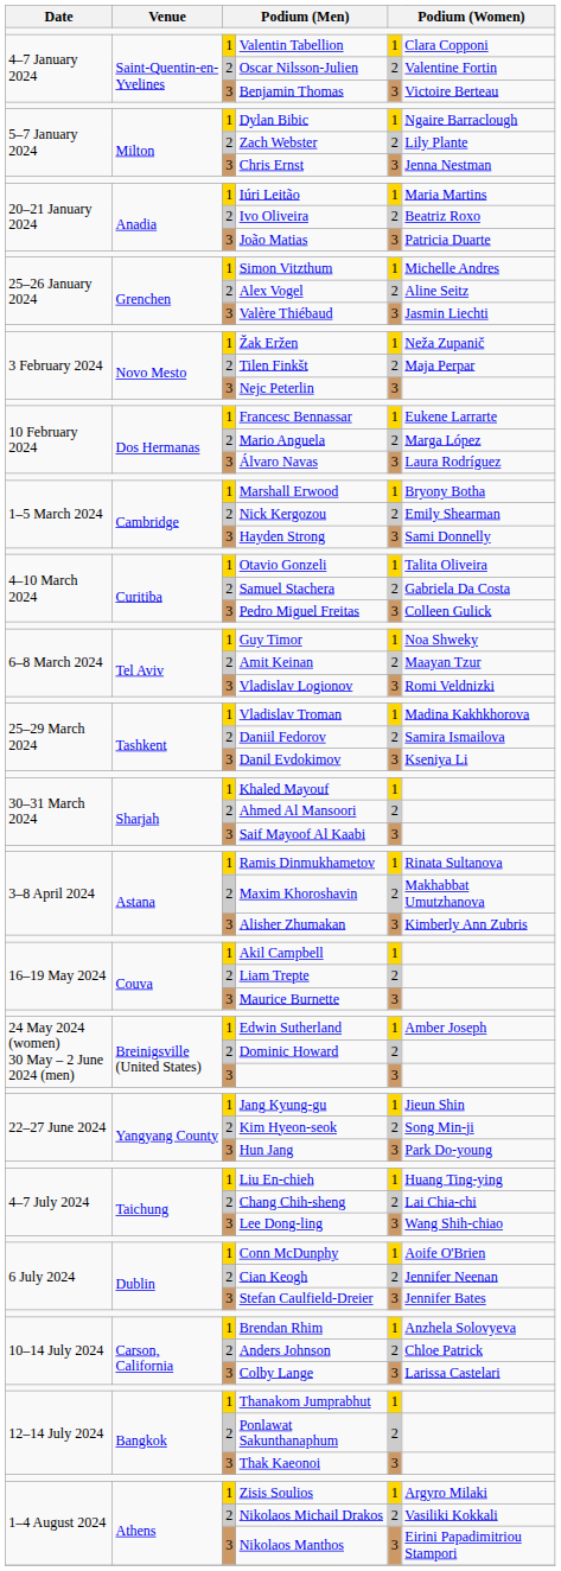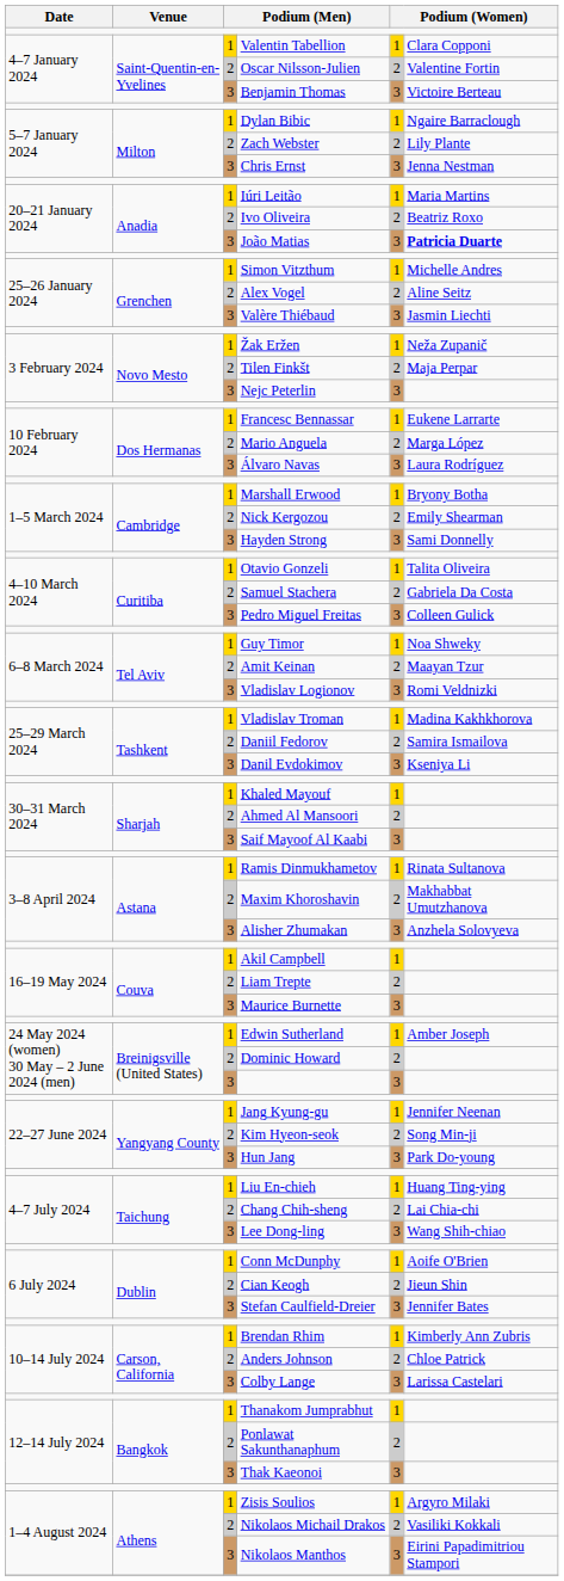 <table class="wikitable" width=70%>
 <tr>
 <th>Date</th>
 <th width=20%>Venue</th>
 <th colspan=2 width=30%>Podium (Men)</th>
 <th colspan=2 width=30%>Podium (Women)</th>
 </tr>
 <tr>
 <td colspan=6></td>
 </tr>
 <tr>
 <td rowspan=3>4–7 January 2024</td>
 <td rowspan=3><br><a href='#'>Saint-Quentin-en-Yvelines</a></td>
 <td bgcolor=FFD700>1</td>
 <td><a href='#'>Valentin Tabellion</a></td>
 <td bgcolor=FFD700>1</td>
 <td><a href='#'>Clara Copponi</a></td>
 </tr>
 <tr>
 <td bgcolor=CCCCCC>2</td>
 <td><a href='#'>Oscar Nilsson-Julien</a></td>
 <td bgcolor=CCCCCC>2</td>
 <td><a href='#'>Valentine Fortin</a></td>
 </tr>
 <tr>
 <td bgcolor=CC9966>3</td>
 <td><a href='#'>Benjamin Thomas</a></td>
 <td bgcolor=CC9966>3</td>
 <td><a href='#'>Victoire Berteau</a></td>
 </tr>
 <tr>
 <td colspan=6></td>
 </tr>
 <tr>
 <td rowspan=3>5–7 January 2024</td>
 <td rowspan=3><br><a href='#'>Milton</a></td>
 <td bgcolor=FFD700>1</td>
 <td><a href='#'>Dylan Bibic</a></td>
 <td bgcolor=FFD700>1</td>
 <td><a href='#'>Ngaire Barraclough</a></td>
 </tr>
 <tr>
 <td bgcolor=CCCCCC>2</td>
 <td><a href='#'>Zach Webster</a></td>
 <td bgcolor=CCCCCC>2</td>
 <td><a href='#'>Lily Plante</a></td>
 </tr>
 <tr>
 <td bgcolor=CC9966>3</td>
 <td><a href='#'>Chris Ernst</a></td>
 <td bgcolor=CC9966>3</td>
 <td><a href='#'>Jenna Nestman</a></td>
 </tr>
 <tr>
 <td colspan=6></td>
 </tr>
 <tr>
 <td rowspan=3>20–21 January 2024</td>
 <td rowspan=3><br><a href='#'>Anadia</a></td>
 <td bgcolor=FFD700>1</td>
 <td><a href='#'>Iúri Leitão</a></td>
 <td bgcolor=FFD700>1</td>
 <td><a href='#'>Maria Martins</a></td>
 </tr>
 <tr>
 <td bgcolor=CCCCCC>2</td>
 <td><a href='#'>Ivo Oliveira</a></td>
 <td bgcolor=CCCCCC>2</td>
 <td><a href='#'>Beatriz Roxo</a></td>
 </tr>
 <tr>
 <td bgcolor=CC9966>3</td>
 <td><a href='#'>João Matias</a></td>
 <td bgcolor=CC9966>3</td>
-<td><a href='#'>Patricia Duarte</a></td>
+<td><strong><a href='#'>Patricia Duarte</a></strong></td>
 </tr>
 <tr>
 <td colspan=6></td>
 </tr>
 <tr>
 <td rowspan=3>25–26 January 2024</td>
 <td rowspan=3><br><a href='#'>Grenchen</a></td>
 <td bgcolor=FFD700>1</td>
 <td><a href='#'>Simon Vitzthum</a></td>
 <td bgcolor=FFD700>1</td>
 <td><a href='#'>Michelle Andres</a></td>
 </tr>
 <tr>
 <td bgcolor=CCCCCC>2</td>
 <td><a href='#'>Alex Vogel</a></td>
 <td bgcolor=CCCCCC>2</td>
 <td><a href='#'>Aline Seitz</a></td>
 </tr>
 <tr>
 <td bgcolor=CC9966>3</td>
 <td><a href='#'>Valère Thiébaud</a></td>
 <td bgcolor=CC9966>3</td>
 <td><a href='#'>Jasmin Liechti</a></td>
 </tr>
 <tr>
 <td colspan=6></td>
 </tr>
 <tr>
 <td rowspan=3>3 February 2024</td>
 <td rowspan=3><br><a href='#'>Novo Mesto</a></td>
 <td bgcolor=FFD700>1</td>
 <td><a href='#'>Žak Eržen</a></td>
 <td bgcolor=FFD700>1</td>
 <td><a href='#'>Neža Zupanič</a></td>
 </tr>
 <tr>
 <td bgcolor=CCCCCC>2</td>
 <td><a href='#'>Tilen Finkšt</a></td>
 <td bgcolor=CCCCCC>2</td>
 <td><a href='#'>Maja Perpar</a></td>
 </tr>
 <tr>
 <td bgcolor=CC9966>3</td>
 <td><a href='#'>Nejc Peterlin</a></td>
 <td bgcolor=CC9966>3</td>
 <td></td>
 </tr>
 <tr>
 <td colspan=6></td>
 </tr>
 <tr>
 <td rowspan=3>10 February 2024</td>
 <td rowspan=3><br><a href='#'>Dos Hermanas</a></td>
 <td bgcolor=FFD700>1</td>
 <td><a href='#'>Francesc Bennassar</a></td>
 <td bgcolor=FFD700>1</td>
 <td><a href='#'>Eukene Larrarte</a></td>
 </tr>
 <tr>
 <td bgcolor=CCCCCC>2</td>
 <td><a href='#'>Mario Anguela</a></td>
 <td bgcolor=CCCCCC>2</td>
 <td><a href='#'>Marga López</a></td>
 </tr>
 <tr>
 <td bgcolor=CC9966>3</td>
 <td><a href='#'>Álvaro Navas</a></td>
 <td bgcolor=CC9966>3</td>
 <td><a href='#'>Laura Rodríguez</a></td>
 </tr>
 <tr>
 <td colspan=6></td>
 </tr>
 <tr>
 <td rowspan=3>1–5 March 2024</td>
 <td rowspan=3><br><a href='#'>Cambridge</a></td>
 <td bgcolor=FFD700>1</td>
 <td><a href='#'>Marshall Erwood</a></td>
 <td bgcolor=FFD700>1</td>
 <td><a href='#'>Bryony Botha</a></td>
 </tr>
 <tr>
 <td bgcolor=CCCCCC>2</td>
 <td><a href='#'>Nick Kergozou</a></td>
 <td bgcolor=CCCCCC>2</td>
 <td><a href='#'>Emily Shearman</a></td>
 </tr>
 <tr>
 <td bgcolor=CC9966>3</td>
 <td><a href='#'>Hayden Strong</a></td>
 <td bgcolor=CC9966>3</td>
 <td><a href='#'>Sami Donnelly</a></td>
 </tr>
 <tr>
 <td colspan=6></td>
 </tr>
 <tr>
 <td rowspan=3>4–10 March 2024</td>
 <td rowspan=3><br><a href='#'>Curitiba</a></td>
 <td bgcolor=FFD700>1</td>
 <td><a href='#'>Otavio Gonzeli</a></td>
 <td bgcolor=FFD700>1</td>
 <td><a href='#'>Talita Oliveira</a></td>
 </tr>
 <tr>
 <td bgcolor=CCCCCC>2</td>
 <td><a href='#'>Samuel Stachera</a></td>
 <td bgcolor=CCCCCC>2</td>
 <td><a href='#'>Gabriela Da Costa</a></td>
 </tr>
 <tr>
 <td bgcolor=CC9966>3</td>
 <td><a href='#'>Pedro Miguel Freitas</a></td>
 <td bgcolor=CC9966>3</td>
 <td><a href='#'>Colleen Gulick</a></td>
 </tr>
 <tr>
 <td colspan=6></td>
 </tr>
 <tr>
 <td rowspan=3>6–8 March 2024</td>
 <td rowspan=3><br><a href='#'>Tel Aviv</a></td>
 <td bgcolor=FFD700>1</td>
 <td><a href='#'>Guy Timor</a></td>
 <td bgcolor=FFD700>1</td>
 <td><a href='#'>Noa Shweky</a></td>
 </tr>
 <tr>
 <td bgcolor=CCCCCC>2</td>
 <td><a href='#'>Amit Keinan</a></td>
 <td bgcolor=CCCCCC>2</td>
 <td><a href='#'>Maayan Tzur</a></td>
 </tr>
 <tr>
 <td bgcolor=CC9966>3</td>
 <td><a href='#'>Vladislav Logionov</a></td>
 <td bgcolor=CC9966>3</td>
 <td><a href='#'>Romi Veldnizki</a></td>
 </tr>
 <tr>
 <td colspan=6></td>
 </tr>
 <tr>
 <td rowspan=3>25–29 March 2024</td>
 <td rowspan=3><br><a href='#'>Tashkent</a></td>
 <td bgcolor=FFD700>1</td>
 <td><a href='#'>Vladislav Troman</a></td>
 <td bgcolor=FFD700>1</td>
 <td><a href='#'>Madina Kakhkhorova</a></td>
 </tr>
 <tr>
 <td bgcolor=CCCCCC>2</td>
 <td><a href='#'>Daniil Fedorov</a></td>
 <td bgcolor=CCCCCC>2</td>
 <td><a href='#'>Samira Ismailova</a></td>
 </tr>
 <tr>
 <td bgcolor=CC9966>3</td>
 <td><a href='#'>Danil Evdokimov</a></td>
 <td bgcolor=CC9966>3</td>
 <td><a href='#'>Kseniya Li</a></td>
 </tr>
 <tr>
 <td colspan=6></td>
 </tr>
 <tr>
 <td rowspan=3>30–31 March 2024</td>
 <td rowspan=3><br><a href='#'>Sharjah</a></td>
 <td bgcolor=FFD700>1</td>
 <td><a href='#'>Khaled Mayouf</a></td>
 <td bgcolor=FFD700>1</td>
 <td></td>
 </tr>
 <tr>
 <td bgcolor=CCCCCC>2</td>
 <td><a href='#'>Ahmed Al Mansoori</a></td>
 <td bgcolor=CCCCCC>2</td>
 <td></td>
 </tr>
 <tr>
 <td bgcolor=CC9966>3</td>
 <td><a href='#'>Saif Mayoof Al Kaabi</a></td>
 <td bgcolor=CC9966>3</td>
 <td></td>
 </tr>
 <tr>
 <td colspan=6></td>
 </tr>
 <tr>
 <td rowspan=3>3–8 April 2024</td>
 <td rowspan=3><br><a href='#'>Astana</a></td>
 <td bgcolor=FFD700>1</td>
 <td><a href='#'>Ramis Dinmukhametov</a></td>
 <td bgcolor=FFD700>1</td>
 <td><a href='#'>Rinata Sultanova</a></td>
 </tr>
 <tr>
 <td bgcolor=CCCCCC>2</td>
 <td><a href='#'>Maxim Khoroshavin</a></td>
 <td bgcolor=CCCCCC>2</td>
 <td><a href='#'>Makhabbat Umutzhanova</a></td>
 </tr>
 <tr>
 <td bgcolor=CC9966>3</td>
 <td><a href='#'>Alisher Zhumakan</a></td>
 <td bgcolor=CC9966>3</td>
-<td><a href='#'>Kimberly Ann Zubris</a></td>
+<td><a href='#'>Anzhela Solovyeva</a></td>
 </tr>
 <tr>
 <td colspan=6></td>
 </tr>
 <tr>
 <td rowspan=3>16–19 May 2024</td>
 <td rowspan=3><br><a href='#'>Couva</a></td>
 <td bgcolor=FFD700>1</td>
 <td><a href='#'>Akil Campbell</a></td>
 <td bgcolor=FFD700>1</td>
 <td></td>
 </tr>
 <tr>
 <td bgcolor=CCCCCC>2</td>
 <td><a href='#'>Liam Trepte</a></td>
 <td bgcolor=CCCCCC>2</td>
 <td></td>
 </tr>
 <tr>
 <td bgcolor=CC9966>3</td>
 <td><a href='#'>Maurice Burnette</a></td>
 <td bgcolor=CC9966>3</td>
 <td></td>
 </tr>
 <tr>
 <td colspan=6></td>
 </tr>
 <tr>
 <td rowspan=3>24 May 2024 (women)<br>30 May – 2 June 2024 (men)</td>
 <td rowspan=3><br><a href='#'>Breinigsville</a> (United States)</td>
 <td bgcolor=FFD700>1</td>
 <td><a href='#'>Edwin Sutherland</a></td>
 <td bgcolor=FFD700>1</td>
 <td><a href='#'>Amber Joseph</a></td>
 </tr>
 <tr>
 <td bgcolor=CCCCCC>2</td>
 <td><a href='#'>Dominic Howard</a></td>
 <td bgcolor=CCCCCC>2</td>
 <td></td>
 </tr>
 <tr>
 <td bgcolor=CC9966>3</td>
 <td></td>
 <td bgcolor=CC9966>3</td>
 <td></td>
 </tr>
 <tr>
 <td colspan=6></td>
 </tr>
 <tr>
 <td rowspan=3>22–27 June 2024</td>
 <td rowspan=3><br><a href='#'>Yangyang County</a></td>
 <td bgcolor=FFD700>1</td>
 <td><a href='#'>Jang Kyung-gu</a></td>
 <td bgcolor=FFD700>1</td>
-<td><a href='#'>Jieun Shin</a></td>
+<td><a href='#'>Jennifer Neenan</a></td>
 </tr>
 <tr>
 <td bgcolor=CCCCCC>2</td>
 <td><a href='#'>Kim Hyeon-seok</a></td>
 <td bgcolor=CCCCCC>2</td>
 <td><a href='#'>Song Min-ji</a></td>
 </tr>
 <tr>
 <td bgcolor=CC9966>3</td>
 <td><a href='#'>Hun Jang</a></td>
 <td bgcolor=CC9966>3</td>
 <td><a href='#'>Park Do-young</a></td>
 </tr>
 <tr>
 <td colspan=6></td>
 </tr>
 <tr>
 <td rowspan=3>4–7 July 2024</td>
 <td rowspan=3><br><a href='#'>Taichung</a></td>
 <td bgcolor=FFD700>1</td>
 <td><a href='#'>Liu En-chieh</a></td>
 <td bgcolor=FFD700>1</td>
 <td><a href='#'>Huang Ting-ying</a></td>
 </tr>
 <tr>
 <td bgcolor=CCCCCC>2</td>
 <td><a href='#'>Chang Chih-sheng</a></td>
 <td bgcolor=CCCCCC>2</td>
 <td><a href='#'>Lai Chia-chi</a></td>
 </tr>
 <tr>
 <td bgcolor=CC9966>3</td>
 <td><a href='#'>Lee Dong-ling</a></td>
 <td bgcolor=CC9966>3</td>
 <td><a href='#'>Wang Shih-chiao</a></td>
 </tr>
 <tr>
 <td colspan=6></td>
 </tr>
 <tr>
 <td rowspan=3>6 July 2024</td>
 <td rowspan=3><br><a href='#'>Dublin</a></td>
 <td bgcolor=FFD700>1</td>
 <td><a href='#'>Conn McDunphy</a></td>
 <td bgcolor=FFD700>1</td>
 <td><a href='#'>Aoife O'Brien</a></td>
 </tr>
 <tr>
 <td bgcolor=CCCCCC>2</td>
 <td><a href='#'>Cian Keogh</a></td>
 <td bgcolor=CCCCCC>2</td>
-<td><a href='#'>Jennifer Neenan</a></td>
+<td><a href='#'>Jieun Shin</a></td>
 </tr>
 <tr>
 <td bgcolor=CC9966>3</td>
 <td><a href='#'>Stefan Caulfield-Dreier</a></td>
 <td bgcolor=CC9966>3</td>
 <td><a href='#'>Jennifer Bates</a></td>
 </tr>
 <tr>
 <td colspan=6></td>
 </tr>
 <tr>
 <td rowspan=3>10–14 July 2024</td>
 <td rowspan=3><br><a href='#'>Carson, California</a></td>
 <td bgcolor=FFD700>1</td>
 <td><a href='#'>Brendan Rhim</a></td>
 <td bgcolor=FFD700>1</td>
-<td><a href='#'>Anzhela Solovyeva</a></td>
+<td><a href='#'>Kimberly Ann Zubris</a></td>
 </tr>
 <tr>
 <td bgcolor=CCCCCC>2</td>
 <td><a href='#'>Anders Johnson</a></td>
 <td bgcolor=CCCCCC>2</td>
 <td><a href='#'>Chloe Patrick</a></td>
 </tr>
 <tr>
 <td bgcolor=CC9966>3</td>
 <td><a href='#'>Colby Lange</a></td>
 <td bgcolor=CC9966>3</td>
 <td><a href='#'>Larissa Castelari</a></td>
 </tr>
 <tr>
 <td colspan=6></td>
 </tr>
 <tr>
 <td rowspan=3>12–14 July 2024</td>
 <td rowspan=3><br><a href='#'>Bangkok</a></td>
 <td bgcolor=FFD700>1</td>
 <td><a href='#'>Thanakom Jumprabhut</a></td>
 <td bgcolor=FFD700>1</td>
 <td></td>
 </tr>
 <tr>
 <td bgcolor=CCCCCC>2</td>
 <td><a href='#'>Ponlawat Sakunthanaphum</a></td>
 <td bgcolor=CCCCCC>2</td>
 <td></td>
 </tr>
 <tr>
 <td bgcolor=CC9966>3</td>
 <td><a href='#'>Thak Kaeonoi</a></td>
 <td bgcolor=CC9966>3</td>
 <td></td>
 </tr>
 <tr>
 <td colspan=6></td>
 </tr>
 <tr>
 <td rowspan=3>1–4 August 2024</td>
 <td rowspan=3><br><a href='#'>Athens</a></td>
 <td bgcolor=FFD700>1</td>
 <td><a href='#'>Zisis Soulios</a></td>
 <td bgcolor=FFD700>1</td>
 <td><a href='#'>Argyro Milaki</a></td>
 </tr>
 <tr>
 <td bgcolor=CCCCCC>2</td>
 <td><a href='#'>Nikolaos Michail Drakos</a></td>
 <td bgcolor=CCCCCC>2</td>
 <td><a href='#'>Vasiliki Kokkali</a></td>
 </tr>
 <tr>
 <td bgcolor=CC9966>3</td>
 <td><a href='#'>Nikolaos Manthos</a></td>
 <td bgcolor=CC9966>3</td>
 <td><a href='#'>Eirini Papadimitriou Stampori</a></td>
 </tr>
 <tr>
 </tr>
 </table>
